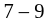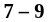 <table style="text-align:center">
 <tr>
 <th width=200></th>
 <th width=100></th>
 <th width=200></th>
 </tr>
 <tr>
 <td align=right></td>
-<td>7 – 9</td>
+<td><strong>7 – 9</strong></td>
 <td align=left><strong></strong></td>
 </tr>
 </table>
